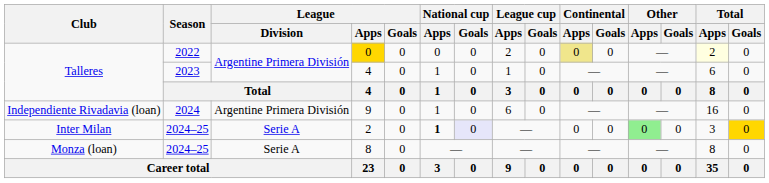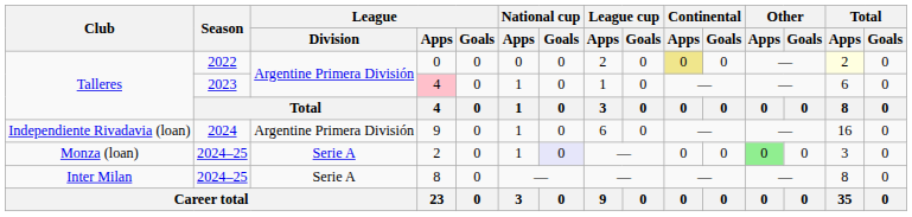 <table class="wikitable" style="text-align:center">
 <tr>
 <th rowspan="2">Club</th>
 <th rowspan="2">Season</th>
 <th colspan="3">League</th>
 <th colspan="2">National cup</th>
 <th colspan="2">League cup</th>
 <th colspan="2">Continental</th>
 <th colspan="2">Other</th>
 <th colspan="2">Total</th>
 </tr>
 <tr>
 <th>Division</th>
 <th>Apps</th>
 <th>Goals</th>
 <th>Apps</th>
 <th>Goals</th>
 <th>Apps</th>
 <th>Goals</th>
 <th>Apps</th>
 <th>Goals</th>
 <th>Apps</th>
 <th>Goals</th>
 <th>Apps</th>
 <th>Goals</th>
 </tr>
 <tr>
 <td rowspan="3"><a href='#'>Talleres</a></td>
 <td><a href='#'>2022</a></td>
 <td rowspan="2"><a href='#'>Argentine Primera División</a></td>
-<td style="background: gold;">0</td>
+<td>0</td>
 <td>0</td>
 <td>0</td>
 <td>0</td>
 <td>2</td>
 <td>0</td>
 <td style="background: khaki;">0</td>
 <td>0</td>
 <td colspan="2">—</td>
 <td style="background: lightyellow;">2</td>
 <td>0</td>
 </tr>
 <tr>
 <td><a href='#'>2023</a></td>
-<td>4</td>
+<td style="background: pink;">4</td>
 <td>0</td>
 <td>1</td>
 <td>0</td>
 <td>1</td>
 <td>0</td>
 <td colspan="2">—</td>
 <td colspan="2">—</td>
 <td>6</td>
 <td>0</td>
 </tr>
 <tr>
 <th colspan="2">Total</th>
 <th>4</th>
 <th>0</th>
 <th>1</th>
 <th>0</th>
 <th>3</th>
 <th>0</th>
 <th>0</th>
 <th>0</th>
 <th>0</th>
 <th>0</th>
 <th>8</th>
 <th>0</th>
 </tr>
 <tr>
 <td><a href='#'>Independiente Rivadavia</a> (loan)</td>
 <td><a href='#'>2024</a></td>
 <td>Argentine Primera División</td>
 <td>9</td>
 <td>0</td>
 <td>1</td>
 <td>0</td>
 <td>6</td>
 <td>0</td>
 <td colspan="2">—</td>
 <td colspan="2">—</td>
 <td>16</td>
 <td>0</td>
 </tr>
 <tr>
-<td><a href='#'>Inter Milan</a></td>
+<td><a href='#'>Monza</a> (loan)</td>
 <td><a href='#'>2024–25</a></td>
 <td><a href='#'>Serie A</a></td>
 <td>2</td>
 <td>0</td>
-<td><strong>1</strong></td>
+<td>1</td>
 <td style="background: lavender;">0</td>
 <td colspan="2">—</td>
 <td>0</td>
 <td>0</td>
 <td style="background: lightgreen;">0</td>
 <td>0</td>
 <td>3</td>
-<td style="background: gold;">0</td>
+<td>0</td>
 </tr>
 <tr>
-<td><a href='#'>Monza</a> (loan)</td>
+<td><a href='#'>Inter Milan</a></td>
 <td><a href='#'>2024–25</a></td>
 <td>Serie A</td>
 <td>8</td>
 <td>0</td>
 <td colspan="2">—</td>
 <td colspan="2">—</td>
 <td colspan="2">—</td>
 <td colspan="2">—</td>
 <td>8</td>
 <td>0</td>
 </tr>
 <tr>
 <th colspan="3">Career total</th>
 <th>23</th>
 <th>0</th>
 <th>3</th>
 <th>0</th>
 <th>9</th>
 <th>0</th>
 <th>0</th>
 <th>0</th>
 <th>0</th>
 <th>0</th>
 <th>35</th>
 <th>0</th>
 </tr>
 </table>
